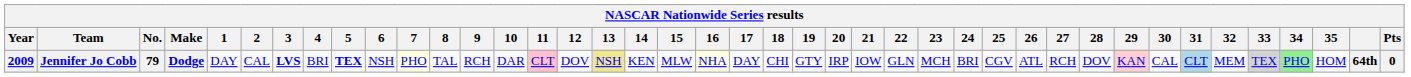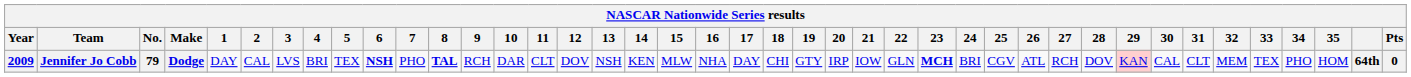 <table class="wikitable" style="text-align:center; font-size:75%">
 <tr>
 <th colspan=42><a href='#'>NASCAR Nationwide Series</a> results</th>
 </tr>
 <tr>
 <th>Year</th>
 <th>Team</th>
 <th>No.</th>
 <th>Make</th>
 <th>1</th>
 <th>2</th>
 <th>3</th>
 <th>4</th>
 <th>5</th>
 <th>6</th>
 <th>7</th>
 <th>8</th>
 <th>9</th>
 <th>10</th>
 <th>11</th>
 <th>12</th>
 <th>13</th>
 <th>14</th>
 <th>15</th>
 <th>16</th>
 <th>17</th>
 <th>18</th>
 <th>19</th>
 <th>20</th>
 <th>21</th>
 <th>22</th>
 <th>23</th>
 <th>24</th>
 <th>25</th>
 <th>26</th>
 <th>27</th>
 <th>28</th>
 <th>29</th>
 <th>30</th>
 <th>31</th>
 <th>32</th>
 <th>33</th>
 <th>34</th>
 <th>35</th>
 <th></th>
 <th>Pts</th>
 </tr>
 <tr>
 <th rowspan=6><a href='#'>2009</a></th>
 <th nowrap><a href='#'>Jennifer Jo Cobb</a></th>
 <th rowspan=8>79</th>
 <th rowspan=2><a href='#'>Dodge</a></th>
 <td><a href='#'>DAY</a></td>
 <td><a href='#'>CAL</a></td>
-<td><strong><a href='#'>LVS</a></strong></td>
+<td><a href='#'>LVS</a></td>
 <td><a href='#'>BRI</a></td>
-<td><strong><a href='#'>TEX</a></strong></td>
-<td><a href='#'>NSH</a></td>
-<td style="background: lightyellow;"><a href='#'>PHO</a></td>
-<td><a href='#'>TAL</a></td>
+<td><a href='#'>TEX</a></td>
+<td><strong><a href='#'>NSH</a></strong></td>
+<td><a href='#'>PHO</a></td>
+<td><strong><a href='#'>TAL</a></strong></td>
 <td><a href='#'>RCH</a></td>
 <td><a href='#'>DAR</a></td>
-<td style="background: pink;"><a href='#'>CLT</a></td>
+<td><a href='#'>CLT</a></td>
 <td><a href='#'>DOV</a></td>
-<td style="background: khaki;"><a href='#'>NSH</a></td>
+<td><a href='#'>NSH</a></td>
 <td><a href='#'>KEN</a></td>
 <td><a href='#'>MLW</a></td>
-<td style="background: lightyellow;"><a href='#'>NHA</a></td>
+<td><a href='#'>NHA</a></td>
 <td><a href='#'>DAY</a></td>
 <td><a href='#'>CHI</a></td>
 <td><a href='#'>GTY</a></td>
 <td><a href='#'>IRP</a></td>
 <td><a href='#'>IOW</a></td>
 <td><a href='#'>GLN</a></td>
-<td><a href='#'>MCH</a></td>
+<td><strong><a href='#'>MCH</a></strong></td>
 <td><a href='#'>BRI</a></td>
 <td><a href='#'>CGV</a></td>
 <td><a href='#'>ATL</a></td>
 <td><a href='#'>RCH</a></td>
 <td><a href='#'>DOV</a></td>
 <td style="background:#FFCFCF;"><a href='#'>KAN</a><br></td>
 <td><a href='#'>CAL</a></td>
-<td style="background: lightblue;"><a href='#'>CLT</a></td>
+<td><a href='#'>CLT</a></td>
 <td><a href='#'>MEM</a></td>
-<td style="background: lightgrey;"><a href='#'>TEX</a></td>
-<td style="background: lightgreen;"><a href='#'>PHO</a></td>
+<td><a href='#'>TEX</a></td>
+<td><a href='#'>PHO</a></td>
 <td><a href='#'>HOM</a></td>
 <th rowspan=2>64th</th>
 <th rowspan=2>0</th>
 </tr>
 </table>
